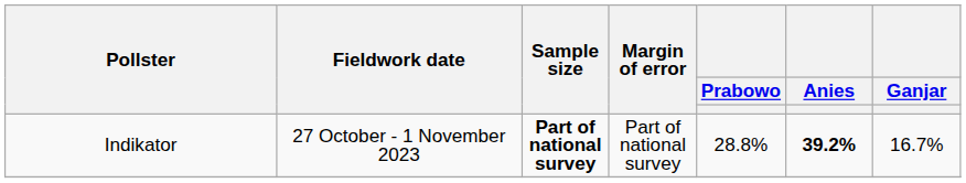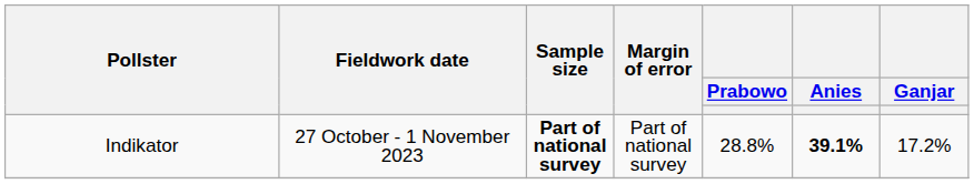 <table class="wikitable" style="text-align:center; font-size:90%; line-height:14px;">
 <tr style="height:55px; background-color:#E9E9E9">
 <th rowspan="3" style="width:200px;">Pollster</th>
 <th rowspan="3" style="width:180px;">Fieldwork date</th>
 <th rowspan="3" style="width:60px;">Sample size</th>
 <th rowspan="3" style="width:60px;">Margin of error</th>
 <th style="width:60px;"></th>
 <th style="width:60px;"></th>
 <th style="width:60px;"></th>
 </tr>
 <tr>
 <th><a href='#'>Prabowo</a> <br></th>
 <th><a href='#'>Anies</a> <br></th>
 <th><a href='#'>Ganjar</a> <br></th>
 </tr>
 <tr>
 <th class="unsortable" style="color:inherit;background:"></th>
 <th class="unsortable" style="color:inherit;background:"></th>
 <th class="unsortable" style="color:inherit;background:"></th>
 </tr>
 <tr>
 <td>Indikator</td>
 <td>27 October - 1 November 2023</td>
 <td><strong>Part of national survey</strong></td>
 <td>Part of national survey</td>
 <td>28.8% </td>
-<td style="background-color:#"><strong>39.2%</strong> </td>
-<td>16.7% </td>
+<td style="background-color:#"><strong>39.1%</strong> </td>
+<td>17.2% </td>
 </tr>
 <tr>
 </tr>
 </table>
